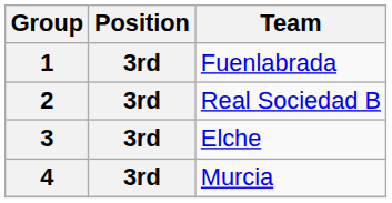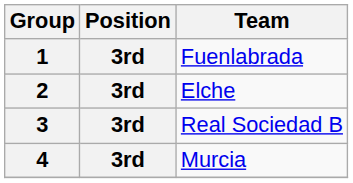 <table class="wikitable">
 <tr>
 <th>Group</th>
 <th>Position</th>
 <th>Team</th>
 </tr>
 <tr>
 <th>1</th>
 <th>3rd</th>
 <td><a href='#'>Fuenlabrada</a></td>
 </tr>
 <tr>
 <th>2</th>
 <th>3rd</th>
-<td><a href='#'>Real Sociedad B</a></td>
+<td><a href='#'>Elche</a></td>
 </tr>
 <tr>
 <th>3</th>
 <th>3rd</th>
-<td><a href='#'>Elche</a></td>
+<td><a href='#'>Real Sociedad B</a></td>
 </tr>
 <tr>
 <th>4</th>
 <th>3rd</th>
 <td><a href='#'>Murcia</a></td>
 </tr>
 <tr>
 </tr>
 </table>
